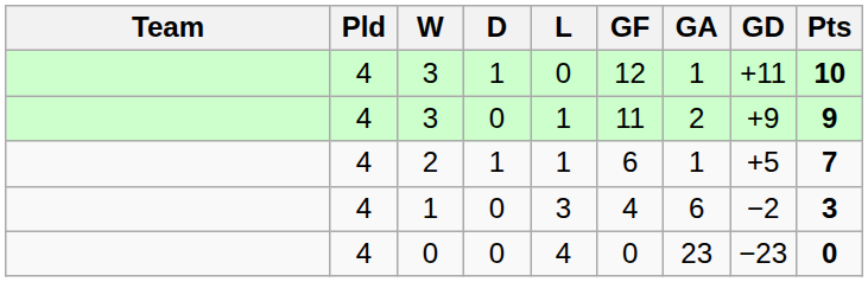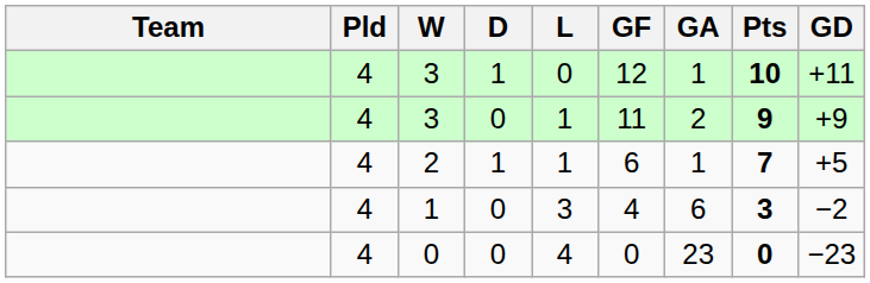 <table class="wikitable" style="text-align:center;">
 <tr>
 <th width=175>Team</th>
 <th width=30 abbr="Played">Pld</th>
 <th width=30 abbr="Won">W</th>
 <th width=30 abbr="Drawn">D</th>
 <th width=30 abbr="Lost">L</th>
 <th width=30 abbr="Goals for">GF</th>
 <th width=30 abbr="Goals against">GA</th>
+<th width=30 abbr="Points">Pts</th>
 <th width=30 abbr="Goal difference">GD</th>
-<th width=30 abbr="Points">Pts</th>
 </tr>
 <tr bgcolor=ccffcc>
 <td align=left></td>
 <td>4</td>
 <td>3</td>
 <td>1</td>
 <td>0</td>
 <td>12</td>
 <td>1</td>
+<td><strong>10</strong></td>
 <td>+11</td>
-<td><strong>10</strong></td>
 </tr>
 <tr bgcolor=ccffcc>
 <td align=left></td>
 <td>4</td>
 <td>3</td>
 <td>0</td>
 <td>1</td>
 <td>11</td>
 <td>2</td>
+<td><strong>9</strong></td>
 <td>+9</td>
-<td><strong>9</strong></td>
 </tr>
 <tr>
 <td align=left></td>
 <td>4</td>
 <td>2</td>
 <td>1</td>
 <td>1</td>
 <td>6</td>
 <td>1</td>
+<td><strong>7</strong></td>
 <td>+5</td>
-<td><strong>7</strong></td>
 </tr>
 <tr>
 <td align=left></td>
 <td>4</td>
 <td>1</td>
 <td>0</td>
 <td>3</td>
 <td>4</td>
 <td>6</td>
+<td><strong>3</strong></td>
 <td>−2</td>
-<td><strong>3</strong></td>
 </tr>
 <tr>
 <td align=left></td>
 <td>4</td>
 <td>0</td>
 <td>0</td>
 <td>4</td>
 <td>0</td>
 <td>23</td>
+<td><strong>0</strong></td>
 <td>−23</td>
-<td><strong>0</strong></td>
 </tr>
 </table>
